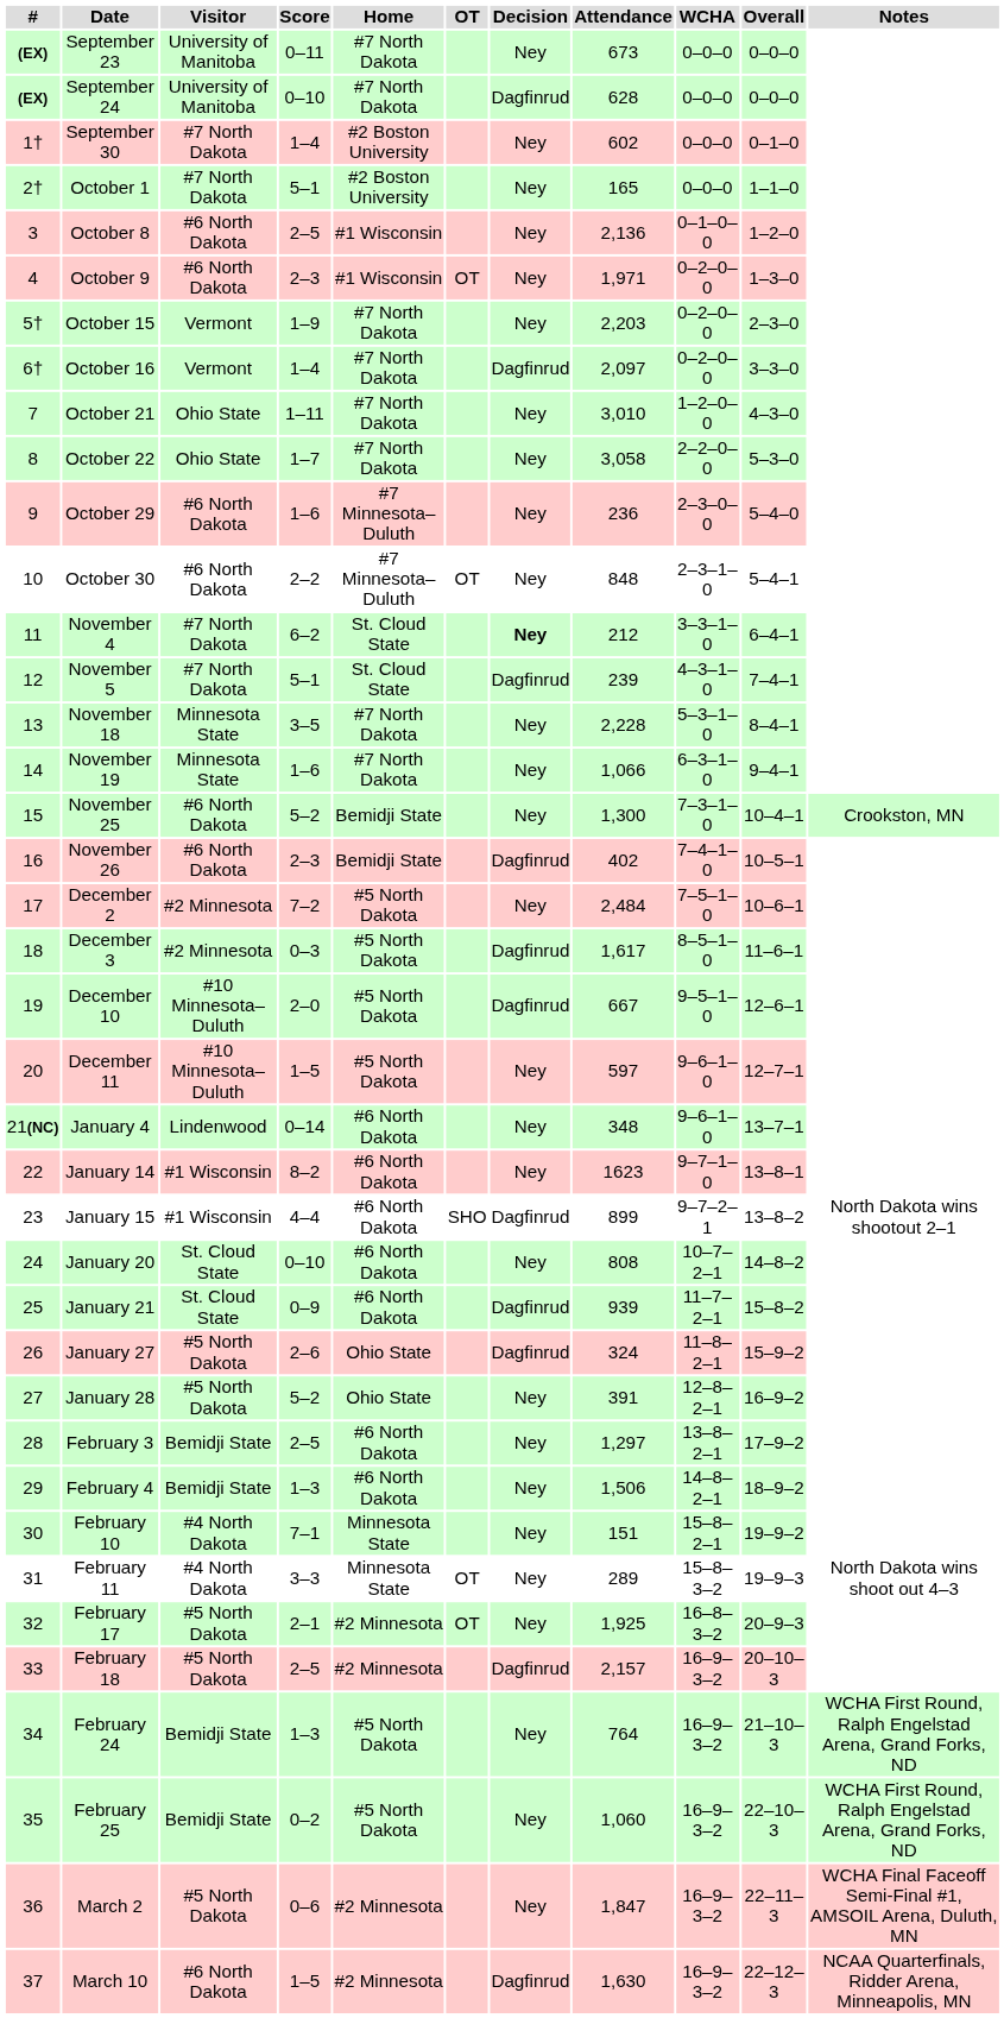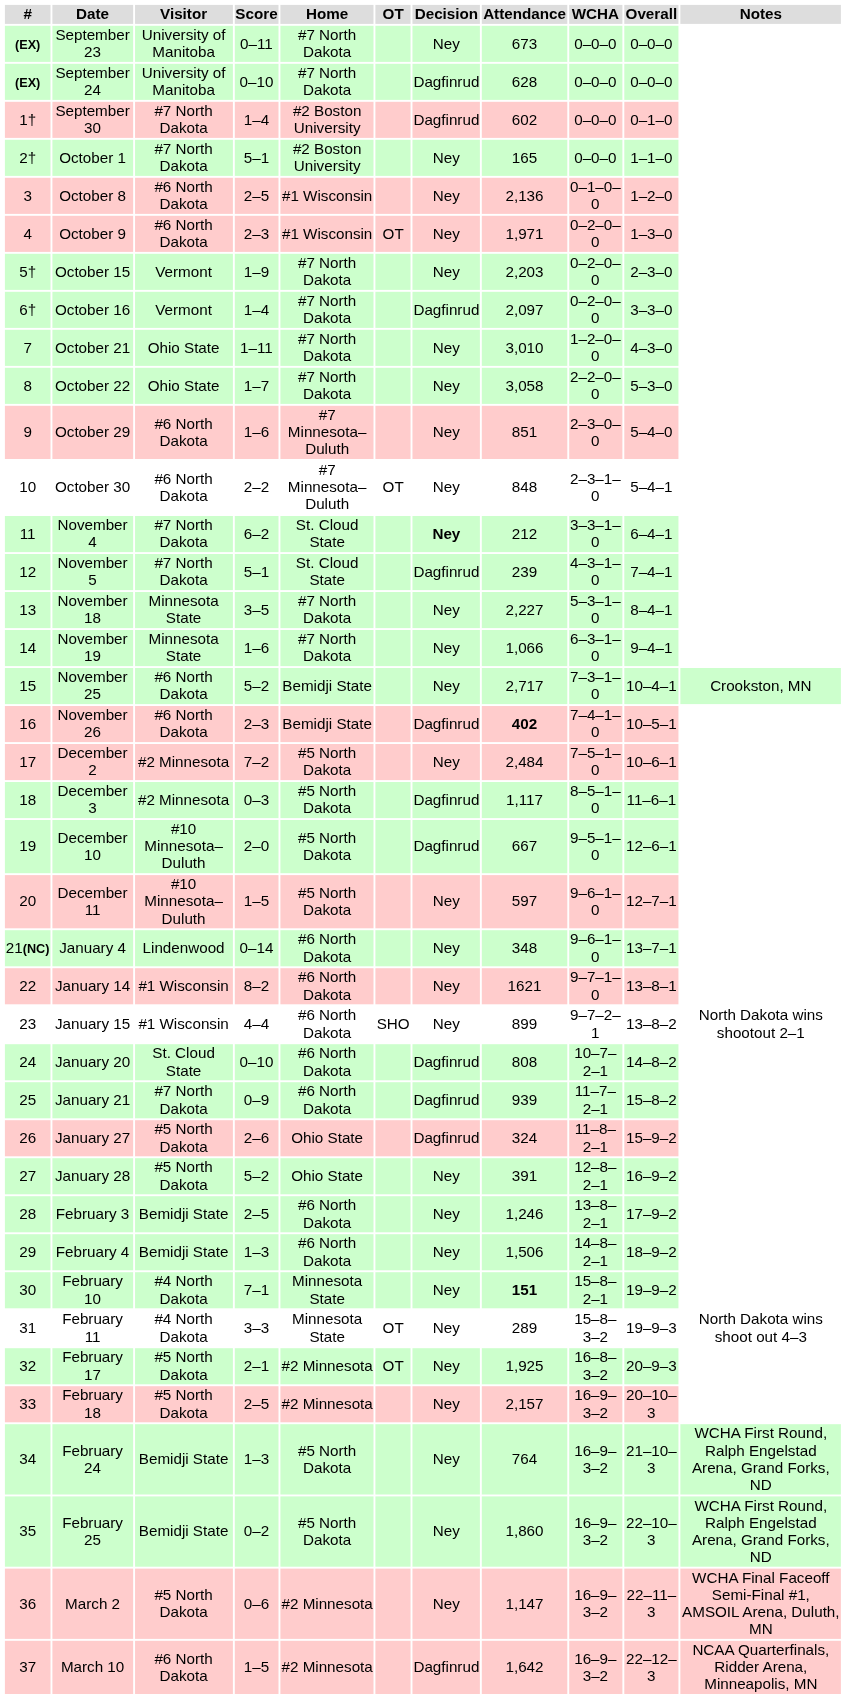 <table>
 <tr align="center"  bgcolor="#dddddd">
 <th>#</th>
 <th>Date</th>
 <th>Visitor</th>
 <th>Score</th>
 <th>Home</th>
 <th>OT</th>
 <th>Decision</th>
 <th>Attendance</th>
 <th>WCHA</th>
 <th>Overall</th>
 <th>Notes</th>
 </tr>
 <tr align="center" bgcolor="#ccffcc">
 <td><strong><small>(EX)</small></strong></td>
 <td>September 23</td>
 <td>University of Manitoba</td>
 <td>0–11</td>
 <td>#7 North Dakota</td>
 <td></td>
 <td>Ney</td>
 <td>673</td>
 <td>0–0–0</td>
 <td>0–0–0</td>
 </tr>
 <tr align="center" bgcolor="#ccffcc">
 <td><strong><small>(EX)</small></strong></td>
 <td>September 24</td>
 <td>University of Manitoba</td>
 <td>0–10</td>
 <td>#7 North Dakota</td>
 <td></td>
 <td>Dagfinrud</td>
 <td>628</td>
 <td>0–0–0</td>
 <td>0–0–0</td>
 </tr>
 <tr align="center" bgcolor="#ffcccc">
 <td>1†</td>
 <td>September 30</td>
 <td>#7 North Dakota</td>
 <td>1–4</td>
 <td>#2 Boston University</td>
 <td></td>
-<td>Ney</td>
+<td>Dagfinrud</td>
 <td>602</td>
 <td>0–0–0</td>
 <td>0–1–0</td>
 </tr>
 <tr align="center" bgcolor="#ccffcc">
 <td>2†</td>
 <td>October 1</td>
 <td>#7 North Dakota</td>
 <td>5–1</td>
 <td>#2 Boston University</td>
 <td></td>
 <td>Ney</td>
 <td>165</td>
 <td>0–0–0</td>
 <td>1–1–0</td>
 </tr>
 <tr align="center" bgcolor="ffcccc">
 <td>3</td>
 <td>October 8</td>
 <td>#6 North Dakota</td>
 <td>2–5</td>
 <td>#1 Wisconsin</td>
 <td></td>
 <td>Ney</td>
 <td>2,136</td>
 <td>0–1–0–0</td>
 <td>1–2–0</td>
 </tr>
 <tr align="center" bgcolor="#ffcccc">
 <td>4</td>
 <td>October 9</td>
 <td>#6 North Dakota</td>
 <td>2–3</td>
 <td>#1 Wisconsin</td>
 <td>OT</td>
 <td>Ney</td>
 <td>1,971</td>
 <td>0–2–0–0</td>
 <td>1–3–0</td>
 </tr>
 <tr align="center" bgcolor="#ccffcc">
 <td>5†</td>
 <td>October 15</td>
 <td>Vermont</td>
 <td>1–9</td>
 <td>#7 North Dakota</td>
 <td></td>
 <td>Ney</td>
 <td>2,203</td>
 <td>0–2–0–0</td>
 <td>2–3–0</td>
 </tr>
 <tr align="center" bgcolor="#ccffcc">
 <td>6†</td>
 <td>October 16</td>
 <td>Vermont</td>
 <td>1–4</td>
 <td>#7 North Dakota</td>
 <td></td>
 <td>Dagfinrud</td>
 <td>2,097</td>
 <td>0–2–0–0</td>
 <td>3–3–0</td>
 </tr>
 <tr align="center" bgcolor="#ccffcc">
 <td>7</td>
 <td>October 21</td>
 <td>Ohio State</td>
 <td>1–11</td>
 <td>#7 North Dakota</td>
 <td></td>
 <td>Ney</td>
 <td>3,010</td>
 <td>1–2–0–0</td>
 <td>4–3–0</td>
 </tr>
 <tr align="center" bgcolor="#ccffcc">
 <td>8</td>
 <td>October 22</td>
 <td>Ohio State</td>
 <td>1–7</td>
 <td>#7 North Dakota</td>
 <td></td>
 <td>Ney</td>
 <td>3,058</td>
 <td>2–2–0–0</td>
 <td>5–3–0</td>
 </tr>
 <tr align="center" bgcolor="#ffcccc">
 <td>9</td>
 <td>October 29</td>
 <td>#6 North Dakota</td>
 <td>1–6</td>
 <td>#7 Minnesota–Duluth</td>
 <td></td>
 <td>Ney</td>
-<td>236</td>
+<td>851</td>
 <td>2–3–0–0</td>
 <td>5–4–0</td>
 </tr>
 <tr align="center" bgcolor="white">
 <td>10</td>
 <td>October 30</td>
 <td>#6 North Dakota</td>
 <td>2–2</td>
 <td>#7 Minnesota–Duluth</td>
 <td>OT</td>
 <td>Ney</td>
 <td>848</td>
 <td>2–3–1–0</td>
 <td>5–4–1</td>
 </tr>
 <tr align="center" bgcolor="#ccffcc">
 <td>11</td>
 <td>November 4</td>
 <td>#7 North Dakota</td>
 <td>6–2</td>
 <td>St. Cloud State</td>
 <td></td>
 <td><strong>Ney</strong></td>
 <td>212</td>
 <td>3–3–1–0</td>
 <td>6–4–1</td>
 </tr>
 <tr align="center" bgcolor="#ccffcc">
 <td>12</td>
 <td>November 5</td>
 <td>#7 North Dakota</td>
 <td>5–1</td>
 <td>St. Cloud State</td>
 <td></td>
 <td>Dagfinrud</td>
 <td>239</td>
 <td>4–3–1–0</td>
 <td>7–4–1</td>
 </tr>
 <tr align="center" bgcolor="#ccffcc">
 <td>13</td>
 <td>November 18</td>
 <td>Minnesota State</td>
 <td>3–5</td>
 <td>#7 North Dakota</td>
 <td></td>
 <td>Ney</td>
-<td>2,228</td>
+<td>2,227</td>
 <td>5–3–1–0</td>
 <td>8–4–1</td>
 </tr>
 <tr align="center" bgcolor="#ccffcc">
 <td>14</td>
 <td>November 19</td>
 <td>Minnesota State</td>
 <td>1–6</td>
 <td>#7 North Dakota</td>
 <td></td>
 <td>Ney</td>
 <td>1,066</td>
 <td>6–3–1–0</td>
 <td>9–4–1</td>
 </tr>
 <tr align="center" bgcolor="#ccffcc">
 <td>15</td>
 <td>November 25</td>
 <td>#6 North Dakota</td>
 <td>5–2</td>
 <td>Bemidji State</td>
 <td></td>
 <td>Ney</td>
-<td>1,300</td>
+<td>2,717</td>
 <td>7–3–1–0</td>
 <td>10–4–1</td>
 <td>Crookston, MN</td>
 </tr>
 <tr align="center" bgcolor="#ffcccc">
 <td>16</td>
 <td>November 26</td>
 <td>#6 North Dakota</td>
 <td>2–3</td>
 <td>Bemidji State</td>
 <td></td>
 <td>Dagfinrud</td>
-<td>402</td>
+<td><strong>402</strong></td>
 <td>7–4–1–0</td>
 <td>10–5–1</td>
 </tr>
 <tr align="center" bgcolor="#ffcccc">
 <td>17</td>
 <td>December 2</td>
 <td>#2 Minnesota</td>
 <td>7–2</td>
 <td>#5 North Dakota</td>
 <td></td>
 <td>Ney</td>
 <td>2,484</td>
 <td>7–5–1–0</td>
 <td>10–6–1</td>
 </tr>
 <tr align="center" bgcolor="#ccffcc">
 <td>18</td>
 <td>December 3</td>
 <td>#2 Minnesota</td>
 <td>0–3</td>
 <td>#5 North Dakota</td>
 <td></td>
 <td>Dagfinrud</td>
-<td>1,617</td>
+<td>1,117</td>
 <td>8–5–1–0</td>
 <td>11–6–1</td>
 </tr>
 <tr align="center" bgcolor="#ccffcc">
 <td>19</td>
 <td>December 10</td>
 <td>#10 Minnesota–Duluth</td>
 <td>2–0</td>
 <td>#5 North Dakota</td>
 <td></td>
 <td>Dagfinrud</td>
 <td>667</td>
 <td>9–5–1–0</td>
 <td>12–6–1</td>
 </tr>
 <tr align="center" bgcolor="#ffcccc">
 <td>20</td>
 <td>December 11</td>
 <td>#10 Minnesota–Duluth</td>
 <td>1–5</td>
 <td>#5 North Dakota</td>
 <td></td>
 <td>Ney</td>
 <td>597</td>
 <td>9–6–1–0</td>
 <td>12–7–1</td>
 </tr>
 <tr align="center" bgcolor="#ccffcc">
 <td>21<strong><small>(NC)</small></strong></td>
 <td>January 4</td>
 <td>Lindenwood</td>
 <td>0–14</td>
 <td>#6 North Dakota</td>
 <td></td>
 <td>Ney</td>
 <td>348</td>
 <td>9–6–1–0</td>
 <td>13–7–1</td>
 </tr>
 <tr align="center" bgcolor="#ffcccc">
 <td>22</td>
 <td>January 14</td>
 <td>#1 Wisconsin</td>
 <td>8–2</td>
 <td>#6 North Dakota</td>
 <td></td>
 <td>Ney</td>
-<td>1623</td>
+<td>1621</td>
 <td>9–7–1–0</td>
 <td>13–8–1</td>
 </tr>
 <tr align="center" bgcolor="white">
 <td>23</td>
 <td>January 15</td>
 <td>#1 Wisconsin</td>
 <td>4–4</td>
 <td>#6 North Dakota</td>
 <td>SHO</td>
-<td>Dagfinrud</td>
+<td>Ney</td>
 <td>899</td>
 <td>9–7–2–1</td>
 <td>13–8–2</td>
 <td>North Dakota wins shootout 2–1</td>
 </tr>
 <tr align="center" bgcolor="#ccffcc">
 <td>24</td>
 <td>January 20</td>
 <td>St. Cloud State</td>
 <td>0–10</td>
 <td>#6 North Dakota</td>
 <td></td>
-<td>Ney</td>
+<td>Dagfinrud</td>
 <td>808</td>
 <td>10–7–2–1</td>
 <td>14–8–2</td>
 </tr>
 <tr align="center" bgcolor="#ccffcc">
 <td>25</td>
 <td>January 21</td>
-<td>St. Cloud State</td>
+<td>#7 North Dakota</td>
 <td>0–9</td>
 <td>#6 North Dakota</td>
 <td></td>
 <td>Dagfinrud</td>
 <td>939</td>
 <td>11–7–2–1</td>
 <td>15–8–2</td>
 </tr>
 <tr align="center" bgcolor="#ffcccc">
 <td>26</td>
 <td>January 27</td>
 <td>#5 North Dakota</td>
 <td>2–6</td>
 <td>Ohio State</td>
 <td></td>
 <td>Dagfinrud</td>
 <td>324</td>
 <td>11–8–2–1</td>
 <td>15–9–2</td>
 </tr>
 <tr align="center" bgcolor="#ccffcc">
 <td>27</td>
 <td>January 28</td>
 <td>#5 North Dakota</td>
 <td>5–2</td>
 <td>Ohio State</td>
 <td></td>
 <td>Ney</td>
 <td>391</td>
 <td>12–8–2–1</td>
 <td>16–9–2</td>
 </tr>
 <tr align="center" bgcolor="#ccffcc">
 <td>28</td>
 <td>February 3</td>
 <td>Bemidji State</td>
 <td>2–5</td>
 <td>#6 North Dakota</td>
 <td></td>
 <td>Ney</td>
-<td>1,297</td>
+<td>1,246</td>
 <td>13–8–2–1</td>
 <td>17–9–2</td>
 </tr>
 <tr align="center" bgcolor="#ccffcc">
 <td>29</td>
 <td>February 4</td>
 <td>Bemidji State</td>
 <td>1–3</td>
 <td>#6 North Dakota</td>
 <td></td>
 <td>Ney</td>
 <td>1,506</td>
 <td>14–8–2–1</td>
 <td>18–9–2</td>
 </tr>
 <tr align="center" bgcolor="#ccffcc">
 <td>30</td>
 <td>February 10</td>
 <td>#4 North Dakota</td>
 <td>7–1</td>
 <td>Minnesota State</td>
 <td></td>
 <td>Ney</td>
-<td>151</td>
+<td><strong>151</strong></td>
 <td>15–8–2–1</td>
 <td>19–9–2</td>
 </tr>
 <tr align="center" bgcolor="white">
 <td>31</td>
 <td>February 11</td>
 <td>#4 North Dakota</td>
 <td>3–3</td>
 <td>Minnesota State</td>
 <td>OT</td>
 <td>Ney</td>
 <td>289</td>
 <td>15–8–3–2</td>
 <td>19–9–3</td>
 <td>North Dakota wins shoot out 4–3</td>
 </tr>
 <tr align="center" bgcolor="#ccffcc">
 <td>32</td>
 <td>February 17</td>
 <td>#5 North Dakota</td>
 <td>2–1</td>
 <td>#2 Minnesota</td>
 <td>OT</td>
 <td>Ney</td>
 <td>1,925</td>
 <td>16–8–3–2</td>
 <td>20–9–3</td>
 </tr>
 <tr align="center" bgcolor="#ffcccc">
 <td>33</td>
 <td>February 18</td>
 <td>#5 North Dakota</td>
 <td>2–5</td>
 <td>#2 Minnesota</td>
 <td></td>
-<td>Dagfinrud</td>
+<td>Ney</td>
 <td>2,157</td>
 <td>16–9–3–2</td>
 <td>20–10–3</td>
 </tr>
 <tr align="center" bgcolor="#ccffcc">
 <td>34</td>
 <td>February 24</td>
 <td>Bemidji State</td>
 <td>1–3</td>
 <td>#5 North Dakota</td>
 <td></td>
 <td>Ney</td>
 <td>764</td>
 <td>16–9–3–2</td>
 <td>21–10–3</td>
 <td>WCHA First Round, Ralph Engelstad Arena, Grand Forks, ND</td>
 </tr>
 <tr align="center" bgcolor="#ccffcc">
 <td>35</td>
 <td>February 25</td>
 <td>Bemidji State</td>
 <td>0–2</td>
 <td>#5 North Dakota</td>
 <td></td>
 <td>Ney</td>
-<td>1,060</td>
+<td>1,860</td>
 <td>16–9–3–2</td>
 <td>22–10–3</td>
 <td>WCHA First Round, Ralph Engelstad Arena, Grand Forks, ND</td>
 </tr>
 <tr align="center" bgcolor="#ffcccc">
 <td>36</td>
 <td>March 2</td>
 <td>#5 North Dakota</td>
 <td>0–6</td>
 <td>#2 Minnesota</td>
 <td></td>
 <td>Ney</td>
-<td>1,847</td>
+<td>1,147</td>
 <td>16–9–3–2</td>
 <td>22–11–3</td>
 <td>WCHA Final Faceoff Semi-Final #1, AMSOIL Arena, Duluth, MN</td>
 </tr>
 <tr align="center" bgcolor="#ffcccc">
 <td>37</td>
 <td>March 10</td>
 <td>#6 North Dakota</td>
 <td>1–5</td>
 <td>#2 Minnesota</td>
 <td></td>
 <td>Dagfinrud</td>
-<td>1,630</td>
+<td>1,642</td>
 <td>16–9–3–2</td>
 <td>22–12–3</td>
 <td>NCAA Quarterfinals, Ridder Arena, Minneapolis, MN</td>
 </tr>
 <tr>
 </tr>
 </table>
